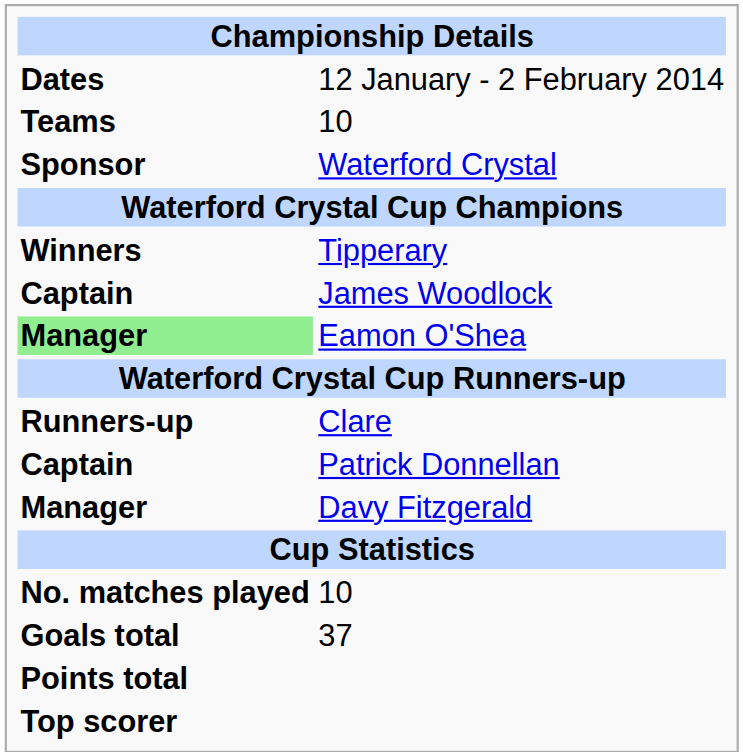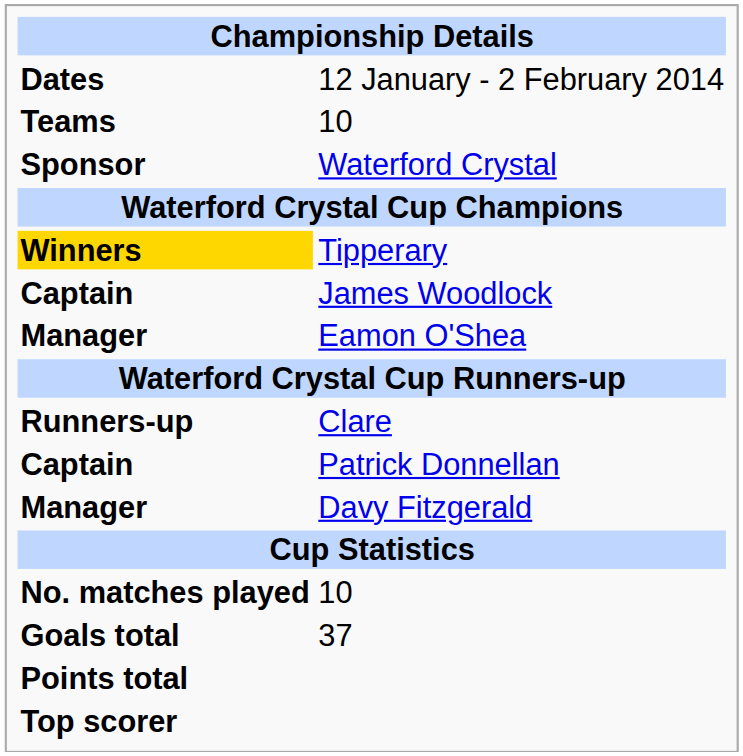 <table class="infobox" style="font-size: 90%;">
 <tr>
 <th style="background: #BFD7FF; text-align: center" colspan="3">Championship Details</th>
 </tr>
 <tr>
 <td><strong>Dates</strong></td>
 <td colspan="2">12 January - 2 February 2014</td>
 </tr>
 <tr>
 <td><strong>Teams</strong></td>
 <td colspan="2">10</td>
 </tr>
 <tr>
 <td><strong>Sponsor</strong></td>
 <td colspan="2"><a href='#'>Waterford Crystal</a></td>
 </tr>
 <tr>
 <th style="background: #BFD7FF; text-align: center" colspan="3">Waterford Crystal Cup Champions</th>
 </tr>
 <tr>
-<td><strong>Winners</strong></td>
+<td style="background: gold;"><strong>Winners</strong></td>
 <td colspan="2"><a href='#'>Tipperary</a></td>
 </tr>
 <tr>
 <td><strong>Captain</strong></td>
 <td colspan="2"><a href='#'>James Woodlock</a></td>
 </tr>
 <tr>
-<td style="background: lightgreen;"><strong>Manager</strong></td>
+<td><strong>Manager</strong></td>
 <td colspan="2"><a href='#'>Eamon O'Shea</a></td>
 </tr>
 <tr>
 <th style="background: #BFD7FF; text-align: center" colspan="3">Waterford Crystal Cup Runners-up</th>
 </tr>
 <tr>
 <td><strong>Runners-up</strong></td>
 <td colspan="2"><a href='#'>Clare</a></td>
 </tr>
 <tr>
 <td><strong>Captain</strong></td>
 <td colspan="2"><a href='#'>Patrick Donnellan</a></td>
 </tr>
 <tr>
 <td><strong>Manager</strong></td>
 <td colspan="2"><a href='#'>Davy Fitzgerald</a></td>
 </tr>
 <tr>
 <th style="background: #BFD7FF; text-align: center" colspan="3">Cup Statistics</th>
 </tr>
 <tr>
 <td><strong>No. matches played</strong></td>
 <td colspan="2">10</td>
 </tr>
 <tr>
 <td><strong>Goals total</strong></td>
 <td colspan="2">37</td>
 </tr>
 <tr>
 <td><strong>Points total</strong></td>
 <td colspan="2"></td>
 </tr>
 <tr>
 <td><strong>Top scorer</strong></td>
 <td colspan="2"></td>
 </tr>
 </table>
